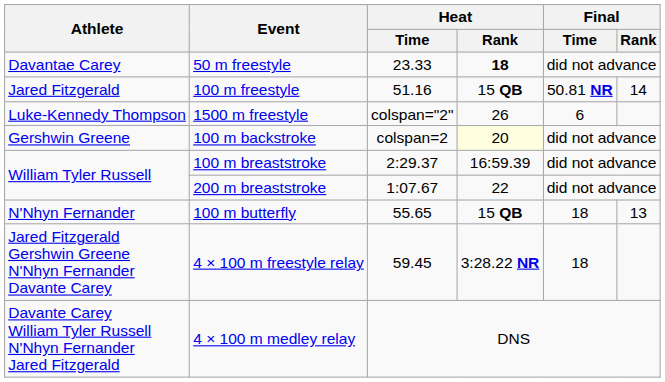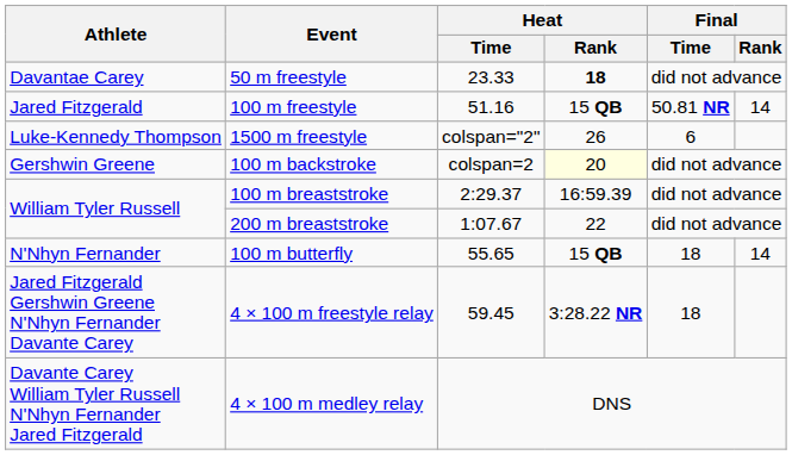 <table class=wikitable style="font-size:90%">
 <tr>
 <th rowspan="2">Athlete</th>
 <th rowspan="2">Event</th>
 <th colspan="2">Heat</th>
 <th colspan="2">Final</th>
 </tr>
 <tr style="font-size:95%">
 <th>Time</th>
 <th>Rank</th>
 <th>Time</th>
 <th>Rank</th>
 </tr>
 <tr align=center>
 <td align=left><a href='#'>Davantae Carey</a></td>
 <td align=left><a href='#'>50 m freestyle</a></td>
 <td>23.33</td>
 <td><strong>18</strong></td>
 <td colspan="2">did not advance</td>
 </tr>
 <tr align=center>
 <td align=left><a href='#'>Jared Fitzgerald</a></td>
 <td align=left><a href='#'>100 m freestyle</a></td>
 <td>51.16</td>
 <td>15 <strong>QB</strong></td>
 <td>50.81 <strong><a href='#'>NR</a></strong></td>
 <td>14</td>
 </tr>
 <tr align=center>
 <td align=left><a href='#'>Luke-Kennedy Thompson</a></td>
 <td align=left><a href='#'>1500 m freestyle</a></td>
 <td>colspan="2" </td>
 <td>26</td>
 <td>6</td>
 </tr>
 <tr align=center>
 <td align=left><a href='#'>Gershwin Greene</a></td>
 <td align=left><a href='#'>100 m backstroke</a></td>
 <td>colspan=2 </td>
 <td style="background: lightyellow;">20</td>
 <td colspan="2">did not advance</td>
 </tr>
 <tr align=center>
 <td align=left rowspan="2"><a href='#'>William Tyler Russell</a></td>
 <td align=left><a href='#'>100 m breaststroke</a></td>
 <td>2:29.37</td>
 <td>16:59.39</td>
 <td colspan="2">did not advance</td>
 </tr>
 <tr align=center>
 <td align=left><a href='#'>200 m breaststroke</a></td>
 <td>1:07.67</td>
 <td>22</td>
 <td colspan="2">did not advance</td>
 </tr>
 <tr align=center>
 <td align=left><a href='#'>N'Nhyn Fernander</a></td>
 <td align=left><a href='#'>100 m butterfly</a></td>
 <td>55.65</td>
 <td>15 <strong>QB</strong></td>
 <td>18</td>
-<td>13</td>
+<td>14</td>
 </tr>
 <tr align=center>
 <td align=left><a href='#'>Jared Fitzgerald</a><br><a href='#'>Gershwin Greene</a><br><a href='#'>N'Nhyn Fernander</a><br><a href='#'>Davante Carey</a></td>
 <td align=left><a href='#'>4 × 100 m freestyle relay</a></td>
 <td>59.45</td>
 <td>3:28.22 <strong><a href='#'>NR</a></strong></td>
 <td>18</td>
 </tr>
 <tr align=center>
 <td align=left><a href='#'>Davante Carey</a><br><a href='#'>William Tyler Russell</a><br><a href='#'>N'Nhyn Fernander</a><br><a href='#'>Jared Fitzgerald</a></td>
 <td align=left><a href='#'>4 × 100 m medley relay</a></td>
 <td colspan=4>DNS</td>
 </tr>
 </table>
